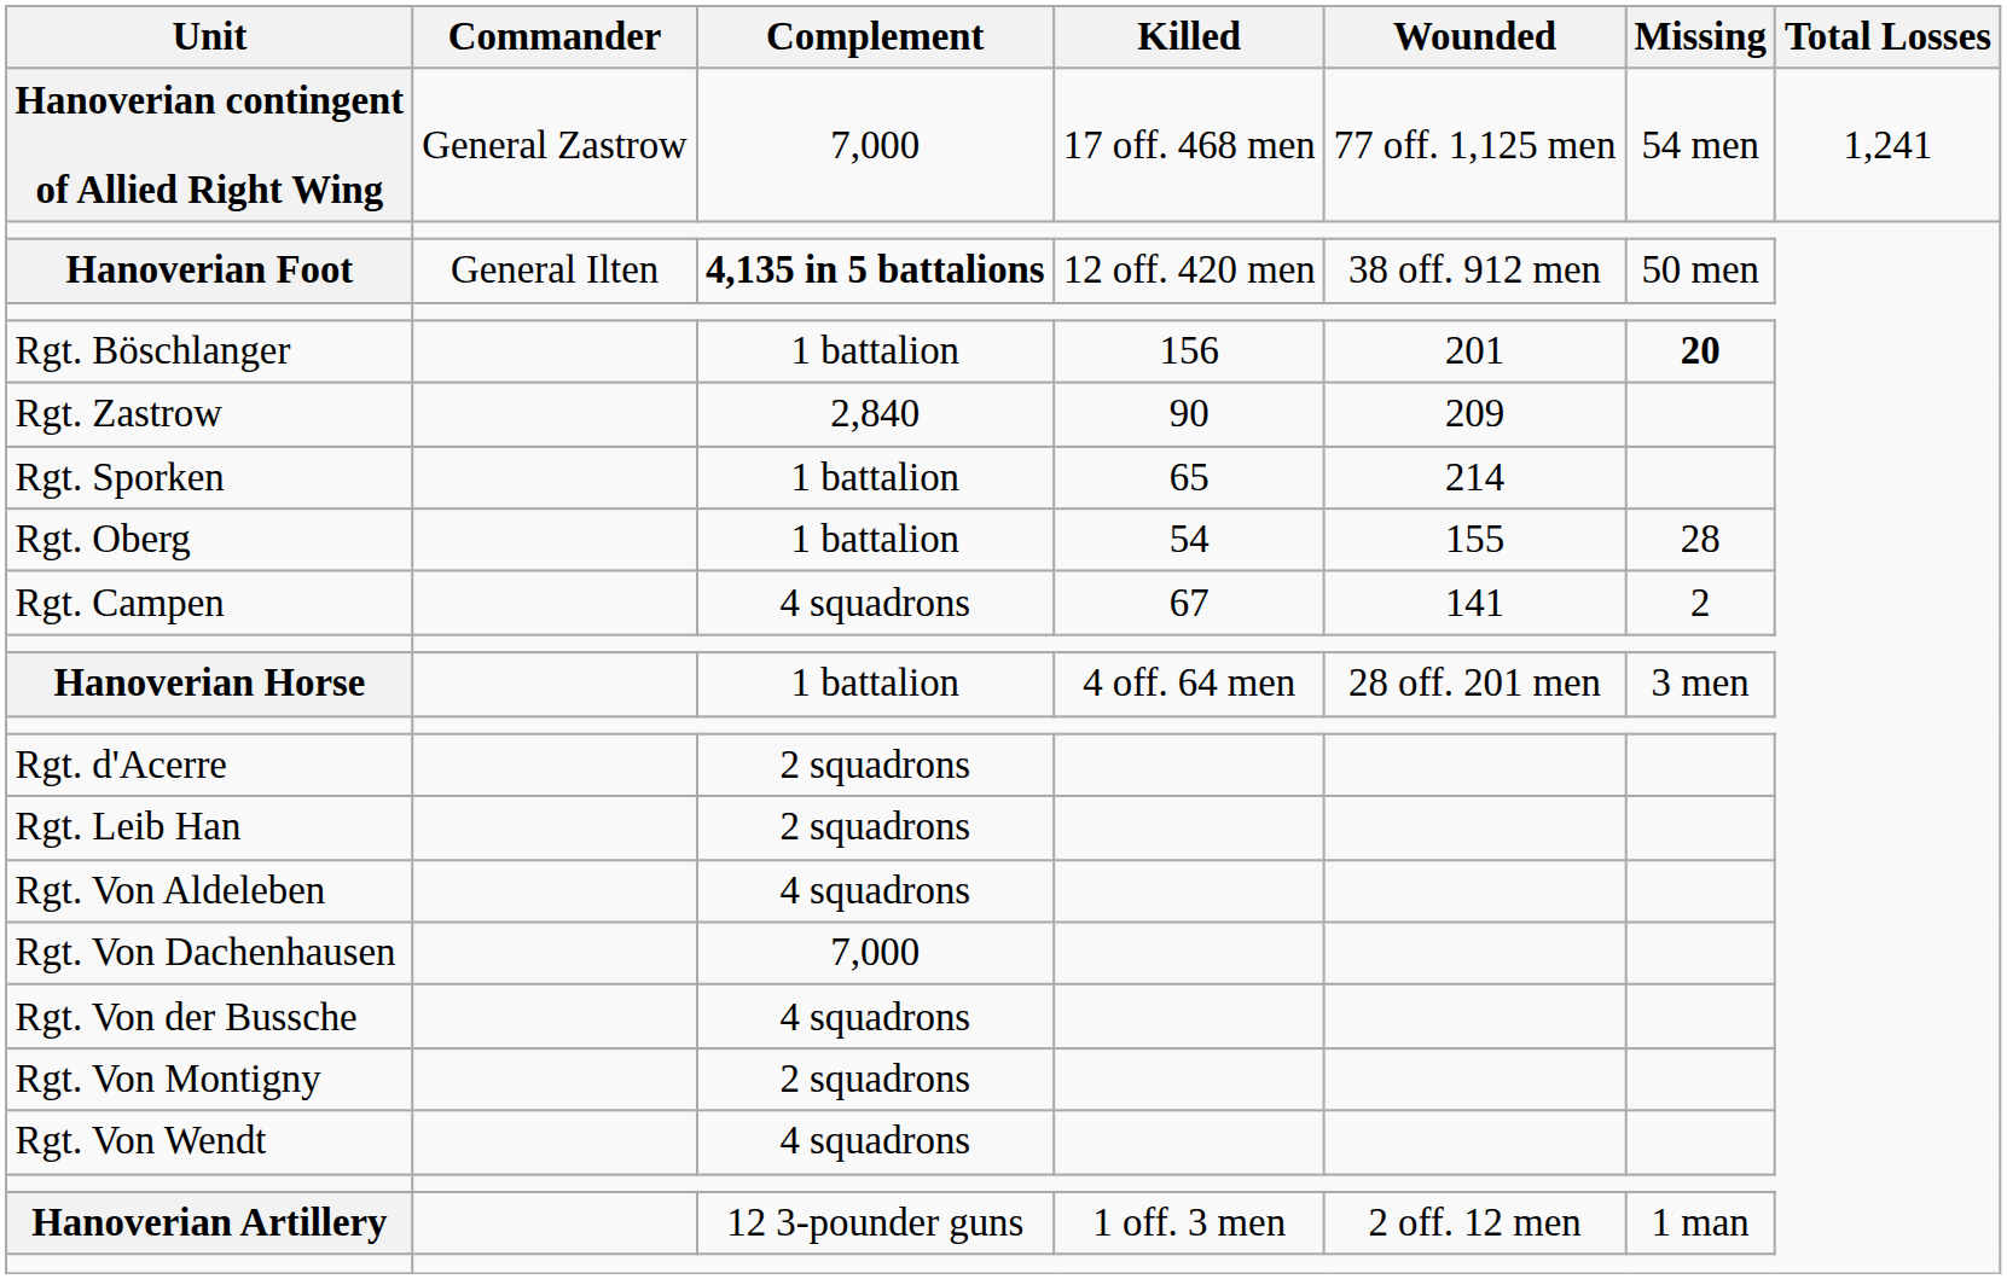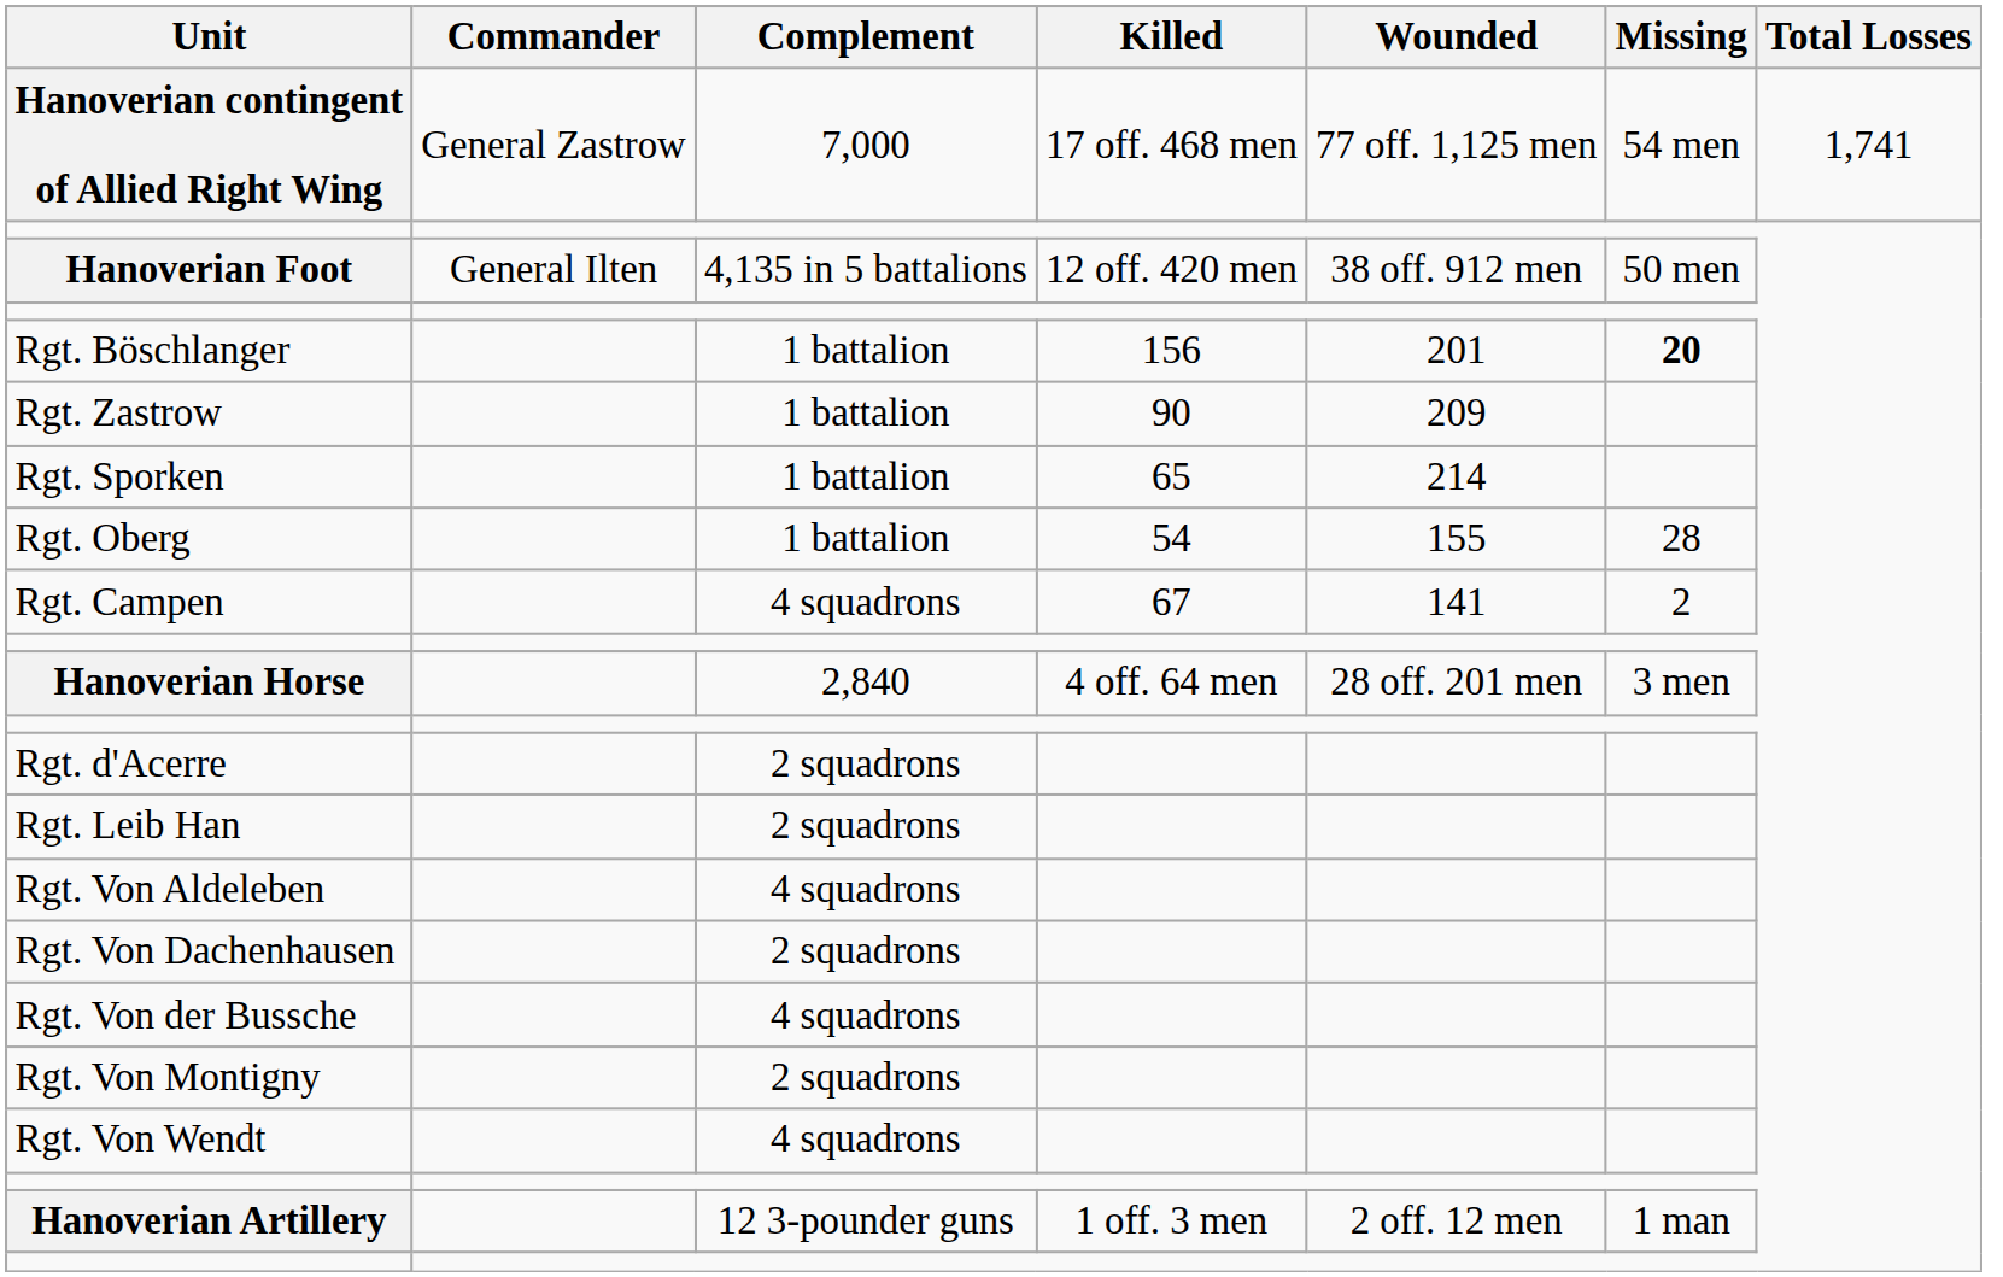 <table class="wikitable">
 <tr>
 <th>Unit</th>
 <th>Commander</th>
 <th>Complement</th>
 <th>Killed</th>
 <th>Wounded</th>
 <th>Missing</th>
 <th>Total Losses</th>
 </tr>
 <tr>
 <th colspan="1" bgcolor="#f9f9f9;">Hanoverian contingent<br><br>of Allied Right Wing</th>
 <td align="center">General Zastrow</td>
 <td align="center">7,000</td>
 <td align="center">17 off. 468 men</td>
 <td align="center">77 off. 1,125 men</td>
 <td align="center">54 men</td>
-<td align="center">1,241</td>
+<td align="center">1,741</td>
 </tr>
 <tr>
 <td align="center"></td>
 </tr>
 <tr>
 <th colspan="1" bgcolor="#f9f9f9;">Hanoverian Foot </th>
 <td align="center">General Ilten</td>
-<td align="center"><strong>4,135 in 5 battalions</strong></td>
+<td align="center">4,135 in 5 battalions</td>
 <td align="center">12 off. 420 men</td>
 <td align="center">38 off. 912 men</td>
 <td align="center">50 men</td>
 </tr>
 <tr>
 <td align="center"></td>
 </tr>
 <tr>
 <td>Rgt. Böschlanger</td>
 <td align="center"></td>
 <td align="center">1 battalion</td>
 <td align="center">156</td>
 <td align="center">201</td>
 <td align="center"><strong>20</strong></td>
 </tr>
 <tr>
 <td>Rgt. Zastrow</td>
 <td align="center"></td>
-<td align="center">2,840</td>
+<td align="center">1 battalion</td>
 <td align="center">90</td>
 <td align="center">209</td>
 <td align="center"></td>
 </tr>
 <tr>
 <td>Rgt. Sporken</td>
 <td align="center"></td>
 <td align="center">1 battalion</td>
 <td align="center">65</td>
 <td align="center">214</td>
 <td align="center"></td>
 </tr>
 <tr>
 <td>Rgt. Oberg</td>
 <td align="center"></td>
 <td align="center">1 battalion</td>
 <td align="center">54</td>
 <td align="center">155</td>
 <td align="center">28</td>
 </tr>
 <tr>
 <td>Rgt. Campen</td>
 <td align="center"></td>
 <td align="center">4 squadrons</td>
 <td align="center">67</td>
 <td align="center">141</td>
 <td align="center">2</td>
 </tr>
 <tr>
 <td align="center"></td>
 </tr>
 <tr>
 <th colspan="1" bgcolor="#f9f9f9;">Hanoverian Horse</th>
 <td align="center"></td>
-<td align="center">1 battalion</td>
+<td align="center">2,840</td>
 <td align="center">4 off. 64 men</td>
 <td align="center">28 off. 201 men</td>
 <td align="center">3 men</td>
 </tr>
 <tr>
 <td align="center"></td>
 </tr>
 <tr>
 <td>Rgt. d'Acerre</td>
 <td align="center"></td>
 <td align="center">2 squadrons</td>
 <td align="center"></td>
 <td align="center"></td>
 <td align="center"></td>
 </tr>
 <tr>
 <td>Rgt. Leib Han</td>
 <td align="center"></td>
 <td align="center">2 squadrons</td>
 <td align="center"></td>
 <td align="center"></td>
 <td align="center"></td>
 </tr>
 <tr>
 <td>Rgt. Von Aldeleben</td>
 <td align="center"></td>
 <td align="center">4 squadrons</td>
 <td align="center"></td>
 <td align="center"></td>
 <td align="center"></td>
 </tr>
 <tr>
 <td>Rgt. Von Dachenhausen</td>
 <td align="center"></td>
-<td align="center">7,000</td>
+<td align="center">2 squadrons</td>
 <td align="center"></td>
 <td align="center"></td>
 <td align="center"></td>
 </tr>
 <tr>
 <td>Rgt. Von der Bussche</td>
 <td align="center"></td>
 <td align="center">4 squadrons</td>
 <td align="center"></td>
 <td align="center"></td>
 <td align="center"></td>
 </tr>
 <tr>
 <td>Rgt. Von Montigny</td>
 <td align="center"></td>
 <td align="center">2 squadrons</td>
 <td align="center"></td>
 <td align="center"></td>
 <td align="center"></td>
 </tr>
 <tr>
 <td>Rgt. Von Wendt</td>
 <td align="center"></td>
 <td align="center">4 squadrons</td>
 <td align="center"></td>
 <td align="center"></td>
 <td align="center"></td>
 </tr>
 <tr>
 <td align="center"></td>
 </tr>
 <tr>
 <th colspan="1" bgcolor="#f9f9f9;">Hanoverian Artillery</th>
 <td align="center"></td>
 <td align="center">12 3-pounder guns</td>
 <td align="center">1 off. 3 men</td>
 <td align="center">2 off. 12 men</td>
 <td align="center">1 man</td>
 </tr>
 <tr>
 <td align="center"></td>
 </tr>
 <tr>
 </tr>
 </table>
